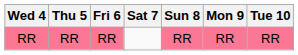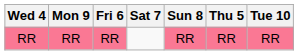 <table class="wikitable" style="margin:0.5em auto; font-size:90%; line-height:1.25em; text-align:center">
 <tr>
 <th>Wed 4</th>
-<th>Thu 5</th>
+<th>Mon 9</th>
 <th>Fri 6</th>
 <th>Sat 7</th>
 <th>Sun 8</th>
-<th>Mon 9</th>
+<th>Thu 5</th>
 <th>Tue 10</th>
 </tr>
 <tr>
 <td bgcolor="#FA7894">RR</td>
 <td bgcolor="#FA7894">RR</td>
 <td bgcolor="#FA7894">RR</td>
 <td></td>
 <td bgcolor="#FA7894">RR</td>
 <td bgcolor="#FA7894">RR</td>
 <td bgcolor="#FA7894">RR</td>
 </tr>
 </table>
